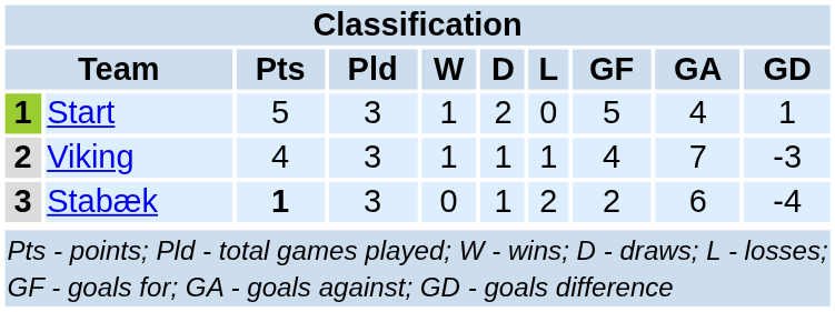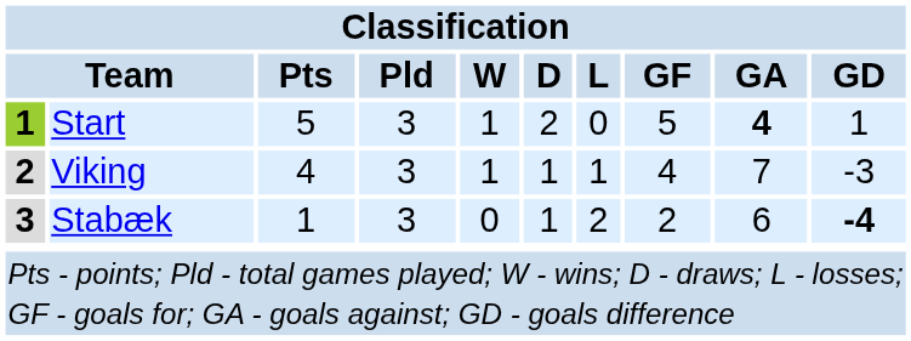 <table>
 <tr>
 <th colspan="11" bgcolor=#CCDDEE>Classification</th>
 </tr>
 <tr>
 <th colspan="2" bgcolor=#CCDDEE>Team</th>
 <th bgcolor=#CCDDEE align="center">Pts</th>
 <th bgcolor=#CCDDEE align="center">Pld</th>
 <th bgcolor=#CCDDEE align="center">W</th>
 <th bgcolor=#CCDDEE align="center">D</th>
 <th bgcolor=#CCDDEE align="center">L</th>
 <th bgcolor=#CCDDEE align="center">GF</th>
 <th bgcolor=#CCDDEE align="center">GA</th>
 <th bgcolor=#CCDDEE align="center">GD</th>
 </tr>
 <tr>
 <th bgcolor=#9ACD32 align="center"><span>1</span></th>
 <td bgcolor=#DDEEFF><a href='#'>Start</a></td>
 <td bgcolor=#DDEEFF align="center">5</td>
 <td bgcolor=#DDEEFF align="center">3</td>
 <td bgcolor=#DDEEFF align="center">1</td>
 <td bgcolor=#DDEEFF align="center">2</td>
 <td bgcolor=#DDEEFF align="center">0</td>
 <td bgcolor=#DDEEFF align="center">5</td>
-<td bgcolor=#DDEEFF align="center">4</td>
+<td bgcolor=#DDEEFF align="center"><strong>4</strong></td>
 <td bgcolor=#DDEEFF align="center">1</td>
 </tr>
 <tr>
 <th bgcolor=#DCDCDC align="center"><span>2</span></th>
 <td bgcolor=#DDEEFF><a href='#'>Viking</a></td>
 <td bgcolor=#DDEEFF align="center">4</td>
 <td bgcolor=#DDEEFF align="center">3</td>
 <td bgcolor=#DDEEFF align="center">1</td>
 <td bgcolor=#DDEEFF align="center">1</td>
 <td bgcolor=#DDEEFF align="center">1</td>
 <td bgcolor=#DDEEFF align="center">4</td>
 <td bgcolor=#DDEEFF align="center">7</td>
 <td bgcolor=#DDEEFF align="center">-3</td>
 </tr>
 <tr>
 <th bgcolor=#DCDCDC align="center"><span>3</span></th>
 <td bgcolor=#DDEEFF><a href='#'>Stabæk</a></td>
-<td bgcolor=#DDEEFF align="center"><strong>1</strong></td>
+<td bgcolor=#DDEEFF align="center">1</td>
 <td bgcolor=#DDEEFF align="center">3</td>
 <td bgcolor=#DDEEFF align="center">0</td>
 <td bgcolor=#DDEEFF align="center">1</td>
 <td bgcolor=#DDEEFF align="center">2</td>
 <td bgcolor=#DDEEFF align="center">2</td>
 <td bgcolor=#DDEEFF align="center">6</td>
-<td bgcolor=#DDEEFF align="center">-4</td>
+<td bgcolor=#DDEEFF align="center"><strong>-4</strong></td>
 </tr>
 <tr>
 </tr>
 <tr bgcolor=#CCDDEE>
 <td colspan="11"><small><em>Pts - points; Pld - total games played; W - wins; D - draws; L - losses;<br> GF - goals for; GA - goals against; GD - goals difference</em></small></td>
 </tr>
 </table>
